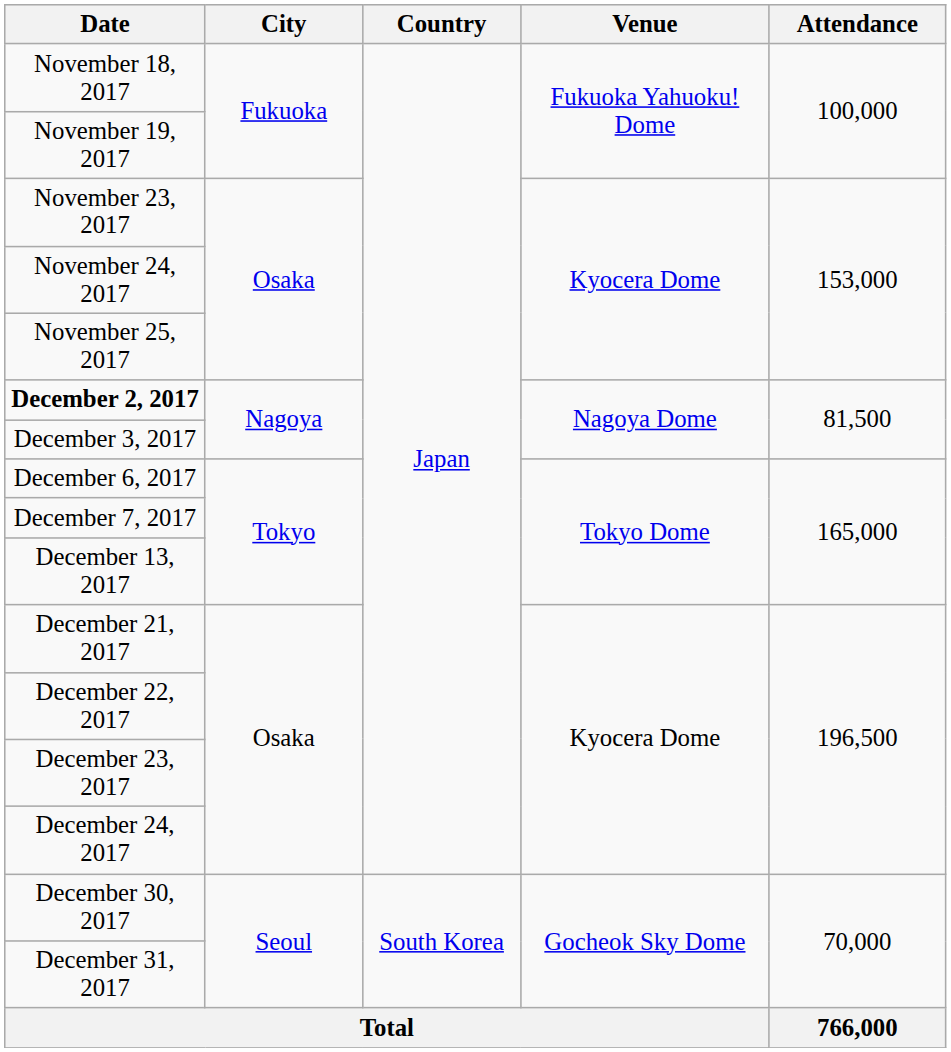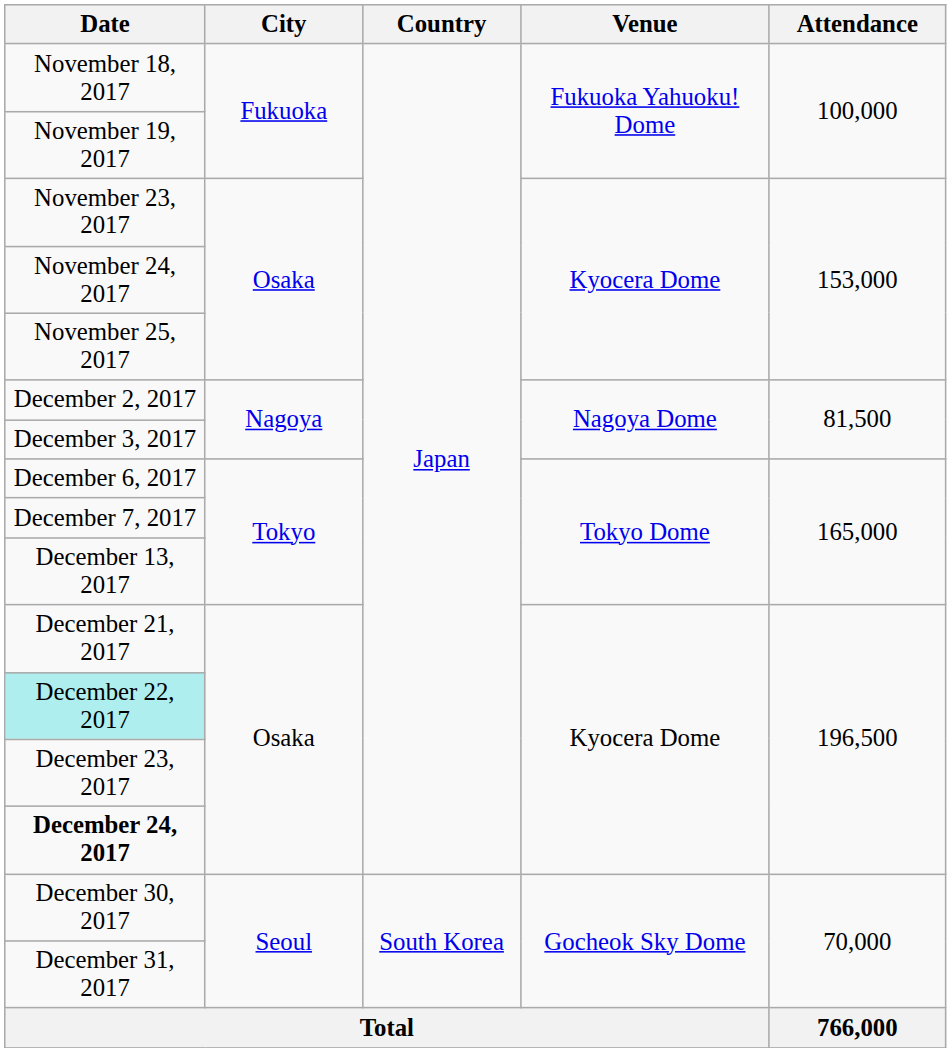 <table class="wikitable" style="text-align:center;">
 <tr>
 <th scope="col" style="width:12em;">Date</th>
 <th scope="col" style="width:9em;">City</th>
 <th scope="col" style="width:9em;">Country</th>
 <th scope="col" style="width:17em;">Venue</th>
 <th scope="col" style="width:9em;">Attendance</th>
 </tr>
 <tr>
 <td>November 18, 2017</td>
 <td rowspan=2><a href='#'>Fukuoka</a></td>
 <td rowspan="14"><a href='#'>Japan</a></td>
 <td rowspan=2><a href='#'>Fukuoka Yahuoku! Dome</a></td>
 <td rowspan=2>100,000</td>
 </tr>
 <tr>
 <td>November 19, 2017</td>
 </tr>
 <tr>
 <td>November 23, 2017</td>
 <td rowspan="3"><a href='#'>Osaka</a></td>
 <td rowspan="3"><a href='#'>Kyocera Dome</a></td>
 <td rowspan="3">153,000</td>
 </tr>
 <tr>
 <td>November 24, 2017</td>
 </tr>
 <tr>
 <td>November 25, 2017</td>
 </tr>
 <tr>
-<td><strong>December 2, 2017</strong></td>
+<td>December 2, 2017</td>
 <td rowspan="2"><a href='#'>Nagoya</a></td>
 <td rowspan="2"><a href='#'>Nagoya Dome</a></td>
 <td rowspan="2">81,500</td>
 </tr>
 <tr>
 <td>December 3, 2017</td>
 </tr>
 <tr>
 <td>December 6, 2017</td>
 <td rowspan="3"><a href='#'>Tokyo</a></td>
 <td rowspan="3"><a href='#'>Tokyo Dome</a></td>
 <td rowspan="3">165,000</td>
 </tr>
 <tr>
 <td>December 7, 2017</td>
 </tr>
 <tr>
 <td>December 13, 2017</td>
 </tr>
 <tr>
 <td>December 21, 2017</td>
 <td rowspan="4">Osaka</td>
 <td rowspan="4">Kyocera Dome</td>
 <td rowspan="4">196,500</td>
 </tr>
 <tr>
-<td>December 22, 2017</td>
+<td style="background: paleturquoise;">December 22, 2017</td>
 </tr>
 <tr>
 <td>December 23, 2017</td>
 </tr>
 <tr>
-<td>December 24, 2017</td>
+<td><strong>December 24, 2017</strong></td>
 </tr>
 <tr>
 <td>December 30, 2017</td>
 <td rowspan="2"><a href='#'>Seoul</a></td>
 <td rowspan="2"><a href='#'>South Korea</a></td>
 <td rowspan="2"><a href='#'>Gocheok Sky Dome</a></td>
 <td rowspan="2">70,000</td>
 </tr>
 <tr>
 <td>December 31, 2017</td>
 </tr>
 <tr>
 <th colspan="4">Total</th>
 <th>766,000</th>
 </tr>
 </table>
